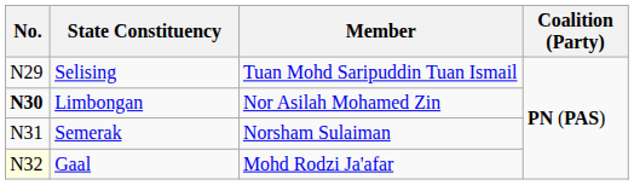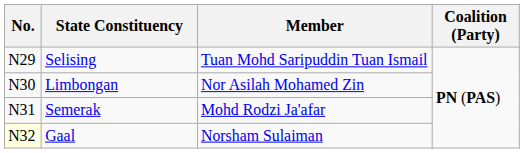 <table class="wikitable">
 <tr>
 <th width="30">No.</th>
 <th width="150">State Constituency</th>
 <th width="230">Member</th>
 <th width="80">Coalition (Party)</th>
 </tr>
 <tr>
 <td>N29</td>
 <td><a href='#'>Selising</a></td>
 <td><a href='#'>Tuan Mohd Saripuddin Tuan Ismail</a></td>
 <td rowspan=4 style="background:"><strong>PN</strong> (<strong>PAS</strong>)</td>
 </tr>
 <tr>
-<td><strong>N30</strong></td>
+<td>N30</td>
 <td><a href='#'>Limbongan</a></td>
 <td><a href='#'>Nor Asilah Mohamed Zin</a></td>
 </tr>
 <tr>
 <td>N31</td>
 <td><a href='#'>Semerak</a></td>
-<td><a href='#'>Norsham Sulaiman</a></td>
+<td><a href='#'>Mohd Rodzi Ja'afar</a></td>
 </tr>
 <tr>
 <td style="background: lightyellow;">N32</td>
 <td><a href='#'>Gaal</a></td>
-<td><a href='#'>Mohd Rodzi Ja'afar</a></td>
+<td><a href='#'>Norsham Sulaiman</a></td>
 </tr>
 </table>
